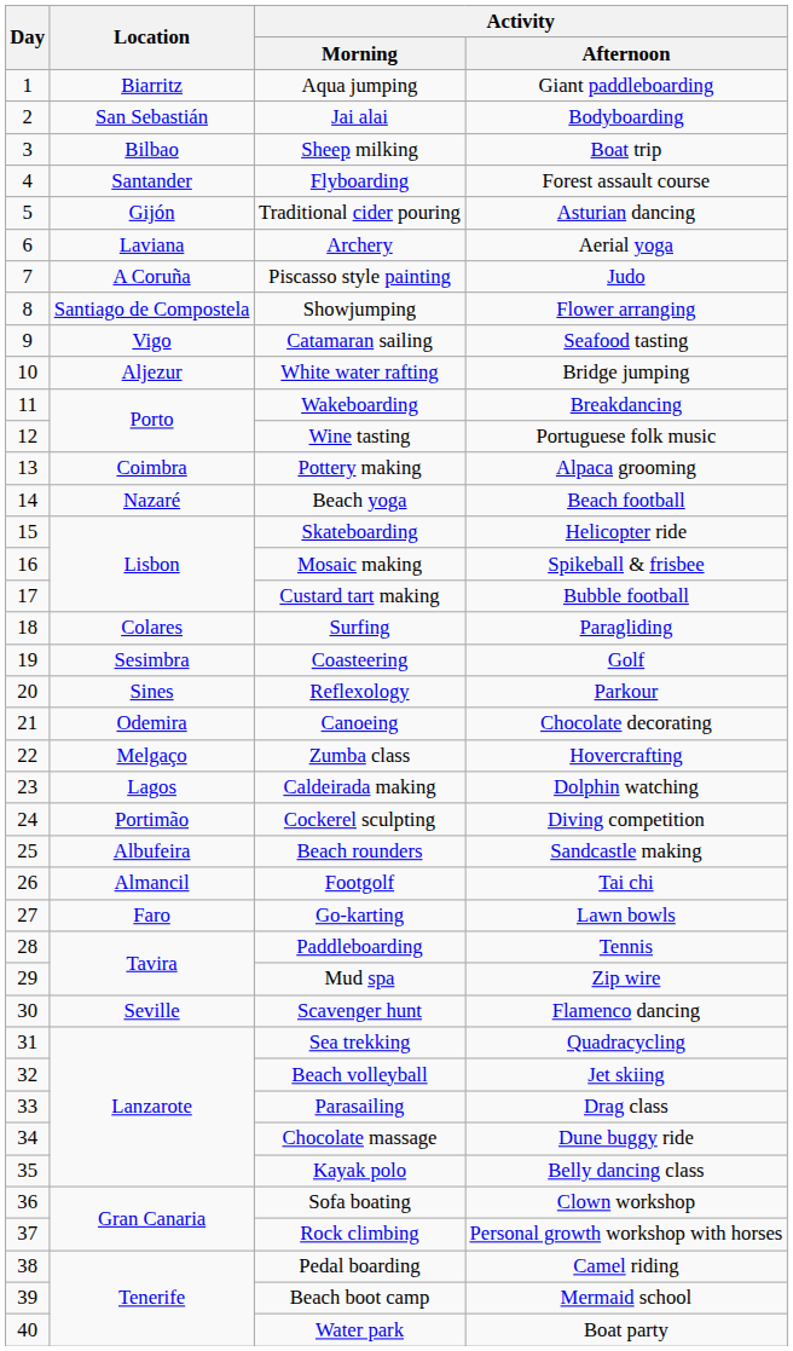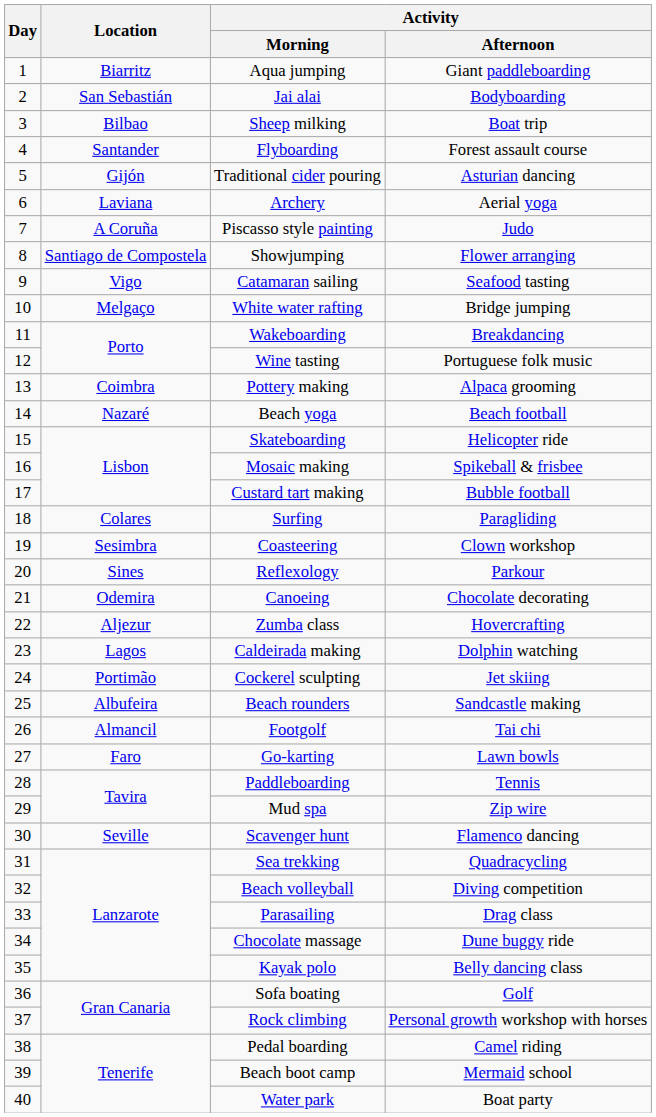 <table class="wikitable" style="text-align:center;">
 <tr>
 <th rowspan=2>Day</th>
 <th rowspan=2>Location</th>
 <th colspan=2>Activity</th>
 </tr>
 <tr>
 <th>Morning</th>
 <th>Afternoon</th>
 </tr>
 <tr>
 <td>1</td>
 <td><a href='#'>Biarritz</a></td>
 <td>Aqua jumping</td>
 <td>Giant <a href='#'>paddleboarding</a></td>
 </tr>
 <tr>
 <td>2</td>
 <td><a href='#'>San Sebastián</a></td>
 <td><a href='#'>Jai alai</a></td>
 <td><a href='#'>Bodyboarding</a></td>
 </tr>
 <tr>
 <td>3</td>
 <td><a href='#'>Bilbao</a></td>
 <td><a href='#'>Sheep</a> milking</td>
 <td><a href='#'>Boat</a> trip</td>
 </tr>
 <tr>
 <td>4</td>
 <td><a href='#'>Santander</a></td>
 <td><a href='#'>Flyboarding</a></td>
 <td>Forest assault course</td>
 </tr>
 <tr>
 <td>5</td>
 <td><a href='#'>Gijón</a></td>
 <td>Traditional <a href='#'>cider</a> pouring</td>
 <td><a href='#'>Asturian</a> dancing</td>
 </tr>
 <tr>
 <td>6</td>
 <td><a href='#'>Laviana</a></td>
 <td><a href='#'>Archery</a></td>
 <td>Aerial <a href='#'>yoga</a></td>
 </tr>
 <tr>
 <td>7</td>
 <td><a href='#'>A Coruña</a></td>
 <td>Piscasso style <a href='#'>painting</a></td>
 <td><a href='#'>Judo</a></td>
 </tr>
 <tr>
 <td>8</td>
 <td><a href='#'>Santiago de Compostela</a></td>
 <td>Showjumping</td>
 <td><a href='#'>Flower arranging</a></td>
 </tr>
 <tr>
 <td>9</td>
 <td><a href='#'>Vigo</a></td>
 <td><a href='#'>Catamaran</a> sailing</td>
 <td><a href='#'>Seafood</a> tasting</td>
 </tr>
 <tr>
 <td>10</td>
-<td><a href='#'>Aljezur</a></td>
+<td><a href='#'>Melgaço</a></td>
 <td><a href='#'>White water rafting</a></td>
 <td>Bridge jumping</td>
 </tr>
 <tr>
 <td>11</td>
 <td rowspan=2><a href='#'>Porto</a></td>
 <td><a href='#'>Wakeboarding</a></td>
 <td><a href='#'>Breakdancing</a></td>
 </tr>
 <tr>
 <td>12</td>
 <td><a href='#'>Wine</a> tasting</td>
 <td>Portuguese folk music</td>
 </tr>
 <tr>
 <td>13</td>
 <td><a href='#'>Coimbra</a></td>
 <td><a href='#'>Pottery</a> making</td>
 <td><a href='#'>Alpaca</a> grooming</td>
 </tr>
 <tr>
 <td>14</td>
 <td><a href='#'>Nazaré</a></td>
 <td>Beach <a href='#'>yoga</a></td>
 <td><a href='#'>Beach football</a></td>
 </tr>
 <tr>
 <td>15</td>
 <td rowspan=3><a href='#'>Lisbon</a></td>
 <td><a href='#'>Skateboarding</a></td>
 <td><a href='#'>Helicopter</a> ride</td>
 </tr>
 <tr>
 <td>16</td>
 <td><a href='#'>Mosaic</a> making</td>
 <td><a href='#'>Spikeball</a> & <a href='#'>frisbee</a></td>
 </tr>
 <tr>
 <td>17</td>
 <td><a href='#'>Custard tart</a> making</td>
 <td><a href='#'>Bubble football</a></td>
 </tr>
 <tr>
 <td>18</td>
 <td><a href='#'>Colares</a></td>
 <td><a href='#'>Surfing</a></td>
 <td><a href='#'>Paragliding</a></td>
 </tr>
 <tr>
 <td>19</td>
 <td><a href='#'>Sesimbra</a></td>
 <td><a href='#'>Coasteering</a></td>
-<td><a href='#'>Golf</a></td>
+<td><a href='#'>Clown</a> workshop</td>
 </tr>
 <tr>
 <td>20</td>
 <td><a href='#'>Sines</a></td>
 <td><a href='#'>Reflexology</a></td>
 <td><a href='#'>Parkour</a></td>
 </tr>
 <tr>
 <td>21</td>
 <td><a href='#'>Odemira</a></td>
 <td><a href='#'>Canoeing</a></td>
 <td><a href='#'>Chocolate</a> decorating</td>
 </tr>
 <tr>
 <td>22</td>
-<td><a href='#'>Melgaço</a></td>
+<td><a href='#'>Aljezur</a></td>
 <td><a href='#'>Zumba</a> class</td>
 <td><a href='#'>Hovercrafting</a></td>
 </tr>
 <tr>
 <td>23</td>
 <td><a href='#'>Lagos</a></td>
 <td><a href='#'>Caldeirada</a> making</td>
 <td><a href='#'>Dolphin</a> watching</td>
 </tr>
 <tr>
 <td>24</td>
 <td><a href='#'>Portimão</a></td>
 <td><a href='#'>Cockerel</a> sculpting</td>
-<td><a href='#'>Diving</a> competition</td>
+<td><a href='#'>Jet skiing</a></td>
 </tr>
 <tr>
 <td>25</td>
 <td><a href='#'>Albufeira</a></td>
 <td><a href='#'>Beach rounders</a></td>
 <td><a href='#'>Sandcastle</a> making</td>
 </tr>
 <tr>
 <td>26</td>
 <td><a href='#'>Almancil</a></td>
 <td><a href='#'>Footgolf</a></td>
 <td><a href='#'>Tai chi</a></td>
 </tr>
 <tr>
 <td>27</td>
 <td><a href='#'>Faro</a></td>
 <td><a href='#'>Go-karting</a></td>
 <td><a href='#'>Lawn bowls</a></td>
 </tr>
 <tr>
 <td>28</td>
 <td rowspan=2><a href='#'>Tavira</a></td>
 <td><a href='#'>Paddleboarding</a></td>
 <td><a href='#'>Tennis</a></td>
 </tr>
 <tr>
 <td>29</td>
 <td>Mud <a href='#'>spa</a></td>
 <td><a href='#'>Zip wire</a></td>
 </tr>
 <tr>
 <td>30</td>
 <td><a href='#'>Seville</a></td>
 <td><a href='#'>Scavenger hunt</a></td>
 <td><a href='#'>Flamenco</a> dancing</td>
 </tr>
 <tr>
 <td>31</td>
 <td rowspan=5><a href='#'>Lanzarote</a></td>
 <td><a href='#'>Sea trekking</a></td>
 <td><a href='#'>Quadracycling</a></td>
 </tr>
 <tr>
 <td>32</td>
 <td><a href='#'>Beach volleyball</a></td>
-<td><a href='#'>Jet skiing</a></td>
+<td><a href='#'>Diving</a> competition</td>
 </tr>
 <tr>
 <td>33</td>
 <td><a href='#'>Parasailing</a></td>
 <td><a href='#'>Drag</a> class</td>
 </tr>
 <tr>
 <td>34</td>
 <td><a href='#'>Chocolate</a> massage</td>
 <td><a href='#'>Dune buggy</a> ride</td>
 </tr>
 <tr>
 <td>35</td>
 <td><a href='#'>Kayak polo</a></td>
 <td><a href='#'>Belly dancing</a> class</td>
 </tr>
 <tr>
 <td>36</td>
 <td rowspan=2><a href='#'>Gran Canaria</a></td>
 <td>Sofa boating</td>
-<td><a href='#'>Clown</a> workshop</td>
+<td><a href='#'>Golf</a></td>
 </tr>
 <tr>
 <td>37</td>
 <td><a href='#'>Rock climbing</a></td>
 <td><a href='#'>Personal growth</a> workshop with horses</td>
 </tr>
 <tr>
 <td>38</td>
 <td rowspan=3><a href='#'>Tenerife</a></td>
 <td>Pedal boarding</td>
 <td><a href='#'>Camel</a> riding</td>
 </tr>
 <tr>
 <td>39</td>
 <td>Beach boot camp</td>
 <td><a href='#'>Mermaid</a> school</td>
 </tr>
 <tr>
 <td>40</td>
 <td><a href='#'>Water park</a></td>
 <td>Boat party</td>
 </tr>
 </table>
